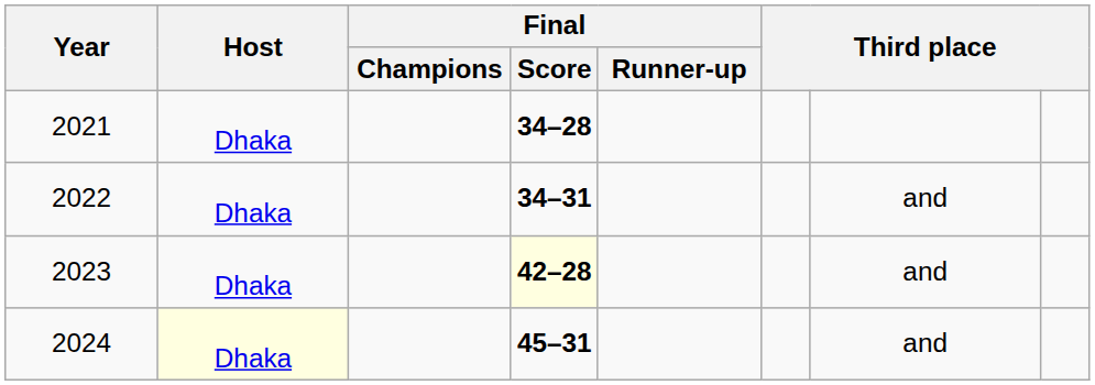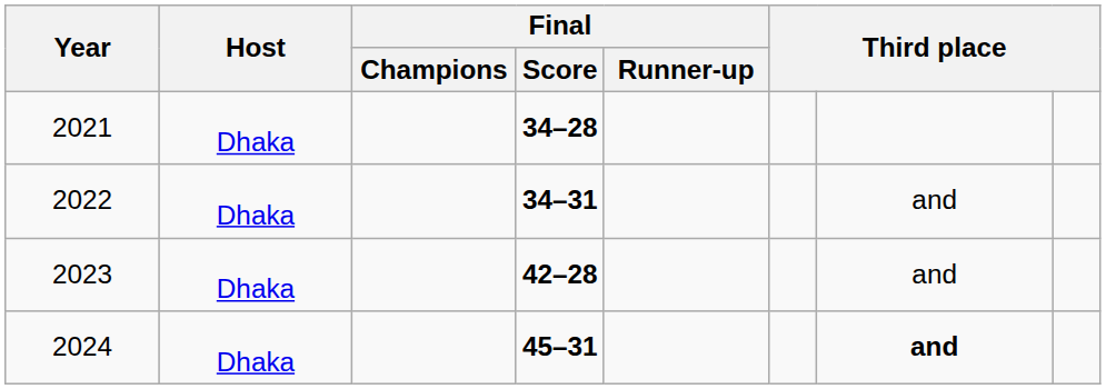 <table class="wikitable" style="text-align: center;">
 <tr>
 <th rowspan="2" scope="col">Year</th>
 <th rowspan="2" scope="col">Host</th>
 <th colspan="3" scope="col">Final</th>
 <th colspan="3" rowspan="2" scope="col">Third place</th>
 </tr>
 <tr>
 <th style="width: 15%;" scope="col">Champions</th>
 <th style="width: 8%;" scope="col">Score</th>
 <th style="width: 15%;" scope="col">Runner-up</th>
 </tr>
 <tr>
 <td>2021<br></td>
 <td><br><a href='#'>Dhaka</a></td>
 <td></td>
 <td><strong>34–28</strong></td>
 <td></td>
 <td></td>
 <td></td>
 <td></td>
 </tr>
 <tr>
 <td>2022<br></td>
 <td><br><a href='#'>Dhaka</a></td>
 <td></td>
 <td><strong>34–31</strong></td>
 <td></td>
 <td></td>
 <td>and</td>
 <td></td>
 </tr>
 <tr>
 <td>2023<br></td>
 <td><br><a href='#'>Dhaka</a></td>
 <td></td>
-<td style="background: lightyellow;"><strong>42–28</strong></td>
+<td><strong>42–28</strong></td>
 <td></td>
 <td></td>
 <td>and</td>
 <td></td>
 </tr>
 <tr>
 <td>2024<br></td>
-<td style="background: lightyellow;"><br><a href='#'>Dhaka</a></td>
+<td><br><a href='#'>Dhaka</a></td>
 <td></td>
 <td><strong>45–31</strong></td>
 <td></td>
 <td></td>
-<td>and</td>
+<td><strong>and</strong></td>
 <td></td>
 </tr>
 </table>
